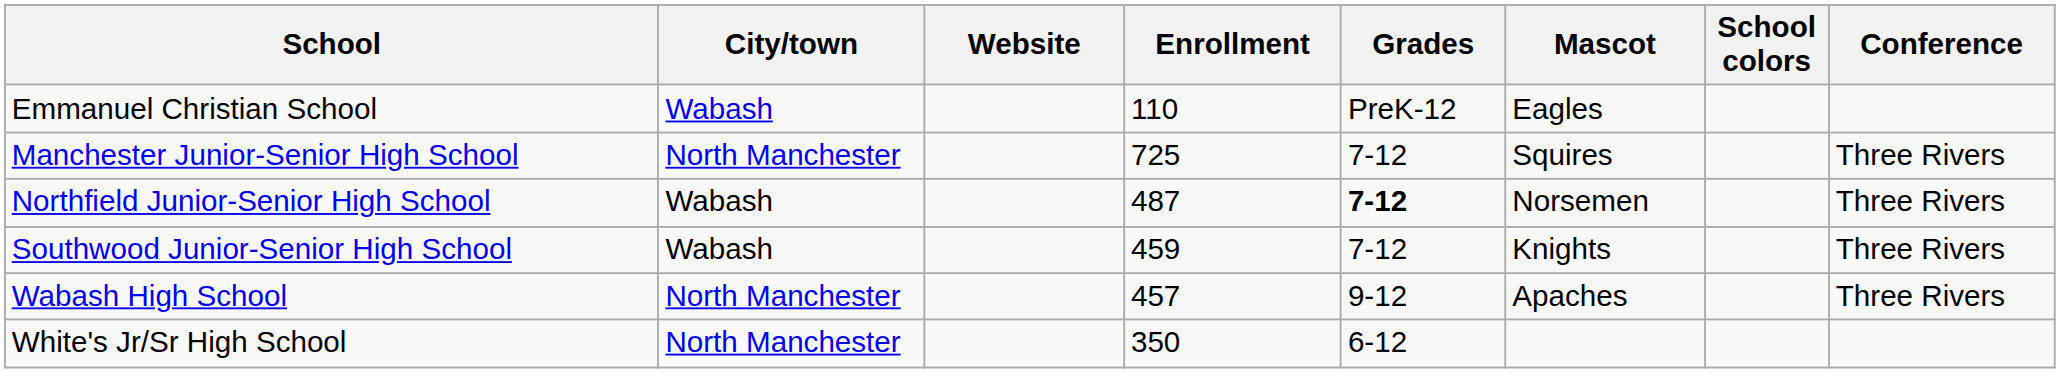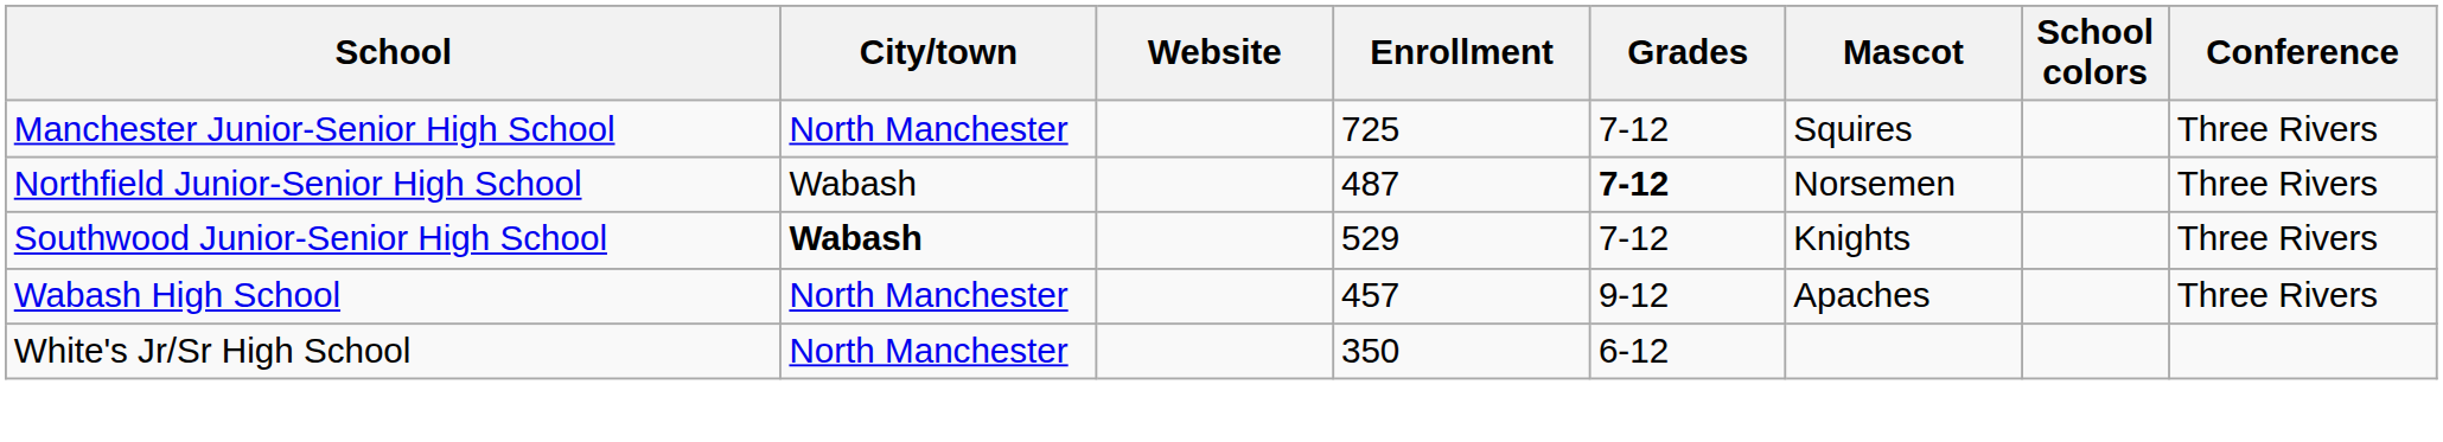 <table class="wikitable sortable" width="70%">
 <tr>
 <th width="20%">School</th>
 <th width="08%">City/town</th>
 <th width="06%">Website</th>
 <th width="04%">Enrollment</th>
 <th width="04%">Grades</th>
 <th width="04%">Mascot</th>
 <th width=01%>School colors</th>
 <th width="04%">Conference</th>
-</tr>
-<tr>
-<td>Emmanuel Christian School</td>
-<td><a href='#'>Wabash</a></td>
-<td></td>
-<td>110</td>
-<td>PreK-12</td>
-<td>Eagles</td>
-<td></td>
-<td></td>
 </tr>
 <tr>
 <td><a href='#'>Manchester Junior-Senior High School</a></td>
 <td><a href='#'>North Manchester</a></td>
 <td></td>
 <td>725</td>
 <td>7-12</td>
 <td>Squires</td>
 <td>  </td>
 <td>Three Rivers</td>
 </tr>
 <tr>
 <td><a href='#'>Northfield Junior-Senior High School</a></td>
 <td>Wabash</td>
 <td></td>
 <td>487</td>
 <td><strong>7-12</strong></td>
 <td>Norsemen</td>
 <td> </td>
 <td>Three Rivers</td>
 </tr>
 <tr>
 <td><a href='#'>Southwood Junior-Senior High School</a></td>
-<td>Wabash</td>
+<td><strong>Wabash</strong></td>
 <td></td>
-<td>459</td>
+<td>529</td>
 <td>7-12</td>
 <td>Knights</td>
 <td> </td>
 <td>Three Rivers</td>
 </tr>
 <tr>
 <td><a href='#'>Wabash High School</a></td>
 <td><a href='#'>North Manchester</a></td>
 <td></td>
 <td>457</td>
 <td>9-12</td>
 <td>Apaches</td>
 <td> </td>
 <td>Three Rivers</td>
 </tr>
 <tr>
 <td>White's Jr/Sr High School</td>
 <td><a href='#'>North Manchester</a></td>
 <td></td>
 <td>350</td>
 <td>6-12</td>
 <td></td>
 <td></td>
 <td></td>
 </tr>
 </table>
